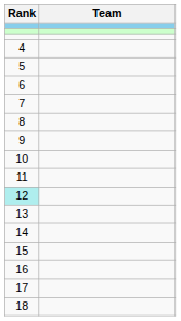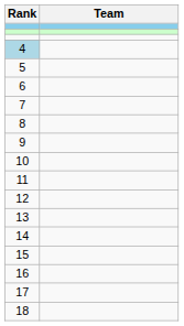 <table class="wikitable" style="text-align: center;">
 <tr>
 <th width=40>Rank</th>
 <th width=180>Team</th>
 </tr>
 <tr bgcolor=#87ceeb>
 <td></td>
 <td align="left"></td>
 </tr>
 <tr bgcolor=#ccffcc>
 <td></td>
 <td align="left"></td>
 </tr>
 <tr>
 <td></td>
 <td align="left"></td>
 </tr>
 <tr>
-<td>4</td>
+<td style="background: lightblue;">4</td>
 <td align="left"></td>
 </tr>
 <tr>
 <td>5</td>
 <td align="left"></td>
 </tr>
 <tr>
 <td>6</td>
 <td align="left"></td>
 </tr>
 <tr>
 <td>7</td>
 <td align="left"></td>
 </tr>
 <tr>
 <td>8</td>
 <td align="left"></td>
 </tr>
 <tr>
 <td>9</td>
 <td align="left"></td>
 </tr>
 <tr>
 <td>10</td>
 <td align="left"></td>
 </tr>
 <tr>
 <td>11</td>
 <td align="left"></td>
 </tr>
 <tr>
-<td style="background: paleturquoise;">12</td>
+<td>12</td>
 <td align="left"></td>
 </tr>
 <tr>
 <td>13</td>
 <td align="left"></td>
 </tr>
 <tr>
 <td>14</td>
 <td align="left"></td>
 </tr>
 <tr>
 <td>15</td>
 <td align="left"></td>
 </tr>
 <tr>
 <td>16</td>
 <td align="left"></td>
 </tr>
 <tr>
 <td>17</td>
 <td align="left"></td>
 </tr>
 <tr>
 <td>18</td>
 <td align="left"></td>
 </tr>
 </table>
